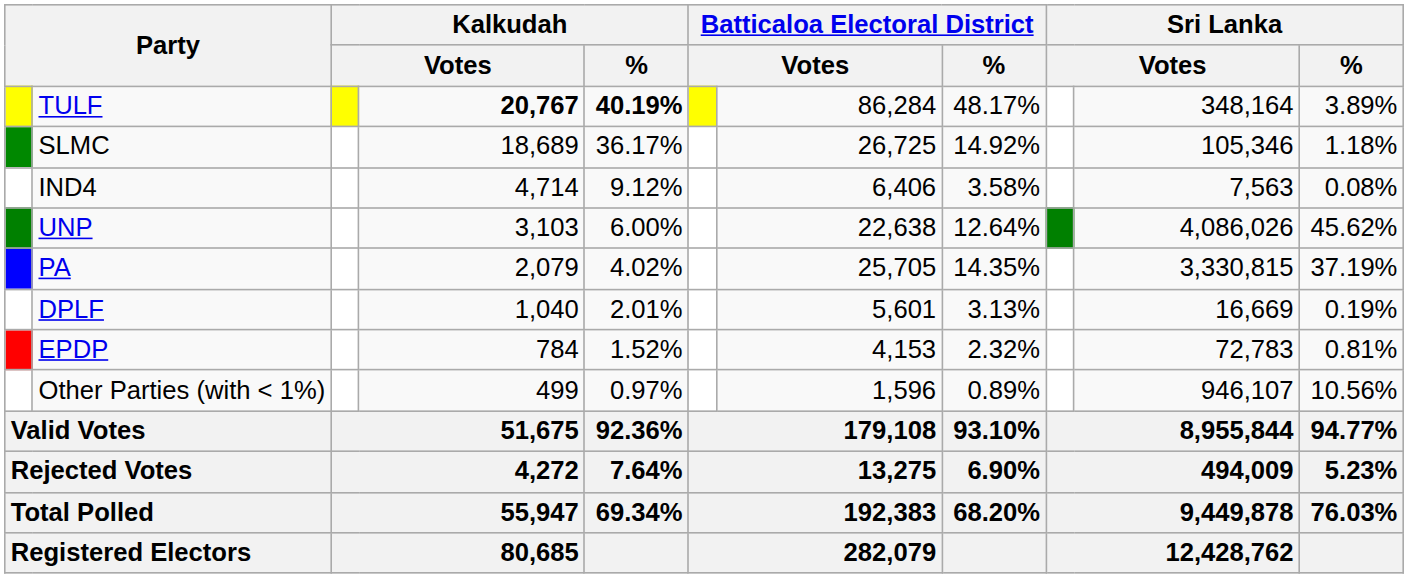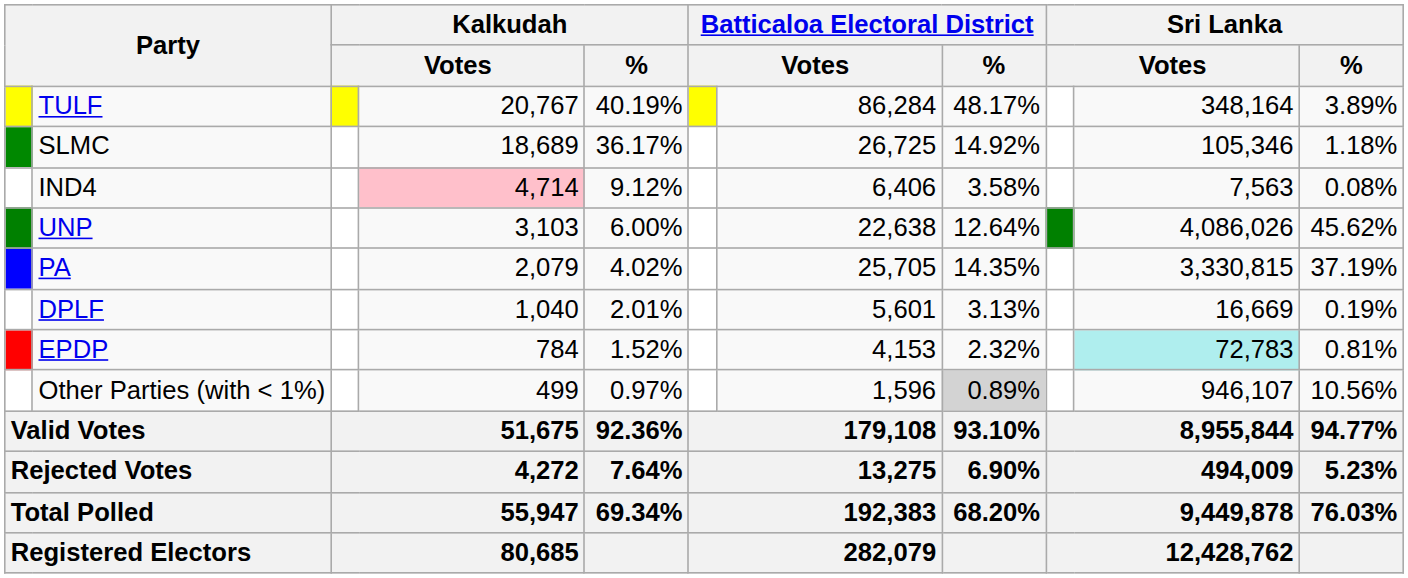 <table class="wikitable">
 <tr>
 <th colspan="2" width="144px"rowspan="2">Party</th>
 <th colspan="3" width="216px">Kalkudah</th>
 <th colspan="3" width="216px"><a href='#'>Batticaloa Electoral District</a></th>
 <th colspan="3" width="216px">Sri Lanka</th>
 </tr>
 <tr>
 <th colspan="2" width="144px">Votes</th>
 <th>%</th>
 <th colspan="2" width="144px">Votes</th>
 <th>%</th>
 <th colspan="2" width="144px">Votes</th>
 <th>%</th>
 </tr>
 <tr>
 <td style="background-color:yellow;" width="10px"></td>
 <td style="text-align:left;"><a href='#'>TULF</a></td>
 <td style="background-color:yellow;" width="10px"></td>
-<td style="text-align:right;"><strong>20,767</strong></td>
-<td style="text-align:right;"><strong>40.19%</strong></td>
+<td style="text-align:right;">20,767</td>
+<td style="text-align:right;">40.19%</td>
 <td style="background-color:yellow;" width="10px"></td>
 <td style="text-align:right;">86,284</td>
 <td style="text-align:right;">48.17%</td>
 <td style="background-color:white;" width="10px"></td>
 <td style="text-align:right;">348,164</td>
 <td style="text-align:right;">3.89%</td>
 </tr>
 <tr>
 <td style="background-color:#008800;" width="10px"></td>
 <td style="text-align:left;">SLMC</td>
 <td style="background-color:white;" width="10px"></td>
 <td style="text-align:right;">18,689</td>
 <td style="text-align:right;">36.17%</td>
 <td style="background-color:white;" width="10px"></td>
 <td style="text-align:right;">26,725</td>
 <td style="text-align:right;">14.92%</td>
 <td style="background-color:white;" width="10px"></td>
 <td style="text-align:right;">105,346</td>
 <td style="text-align:right;">1.18%</td>
 </tr>
 <tr>
 <td style="background-color:white;" width="10px"></td>
 <td style="text-align:left;">IND4</td>
 <td style="background-color:white;" width="10px"></td>
-<td style="text-align:right;">4,714</td>
+<td style="background: pink; text-align:right;">4,714</td>
 <td style="text-align:right;">9.12%</td>
 <td style="background-color:white;" width="10px"></td>
 <td style="text-align:right;">6,406</td>
 <td style="text-align:right;">3.58%</td>
 <td style="background-color:white;" width="10px"></td>
 <td style="text-align:right;">7,563</td>
 <td style="text-align:right;">0.08%</td>
 </tr>
 <tr>
 <td style="background-color:green;" width="10px"></td>
 <td style="text-align:left;"><a href='#'>UNP</a></td>
 <td style="background-color:white;" width="10px"></td>
 <td style="text-align:right;">3,103</td>
 <td style="text-align:right;">6.00%</td>
 <td style="background-color:white;" width="10px"></td>
 <td style="text-align:right;">22,638</td>
 <td style="text-align:right;">12.64%</td>
 <td style="background-color:green;" width="10px"></td>
 <td style="text-align:right;">4,086,026</td>
 <td style="text-align:right;">45.62%</td>
 </tr>
 <tr>
 <td style="background-color:blue;" width="10px"></td>
 <td style="text-align:left;"><a href='#'>PA</a></td>
 <td style="background-color:white;" width="10px"></td>
 <td style="text-align:right;">2,079</td>
 <td style="text-align:right;">4.02%</td>
 <td style="background-color:white;" width="10px"></td>
 <td style="text-align:right;">25,705</td>
 <td style="text-align:right;">14.35%</td>
 <td style="background-color:white;" width="10px"></td>
 <td style="text-align:right;">3,330,815</td>
 <td style="text-align:right;">37.19%</td>
 </tr>
 <tr>
 <td style="background-color:white;" width="10px"></td>
 <td style="text-align:left;"><a href='#'>DPLF</a></td>
 <td style="background-color:white;" width="10px"></td>
 <td style="text-align:right;">1,040</td>
 <td style="text-align:right;">2.01%</td>
 <td style="background-color:white;" width="10px"></td>
 <td style="text-align:right;">5,601</td>
 <td style="text-align:right;">3.13%</td>
 <td style="background-color:white;" width="10px"></td>
 <td style="text-align:right;">16,669</td>
 <td style="text-align:right;">0.19%</td>
 </tr>
 <tr>
 <td style="background-color:red;" width="10px"></td>
 <td style="text-align:left;"><a href='#'>EPDP</a></td>
 <td style="background-color:white;" width="10px"></td>
 <td style="text-align:right;">784</td>
 <td style="text-align:right;">1.52%</td>
 <td style="background-color:white;" width="10px"></td>
 <td style="text-align:right;">4,153</td>
 <td style="text-align:right;">2.32%</td>
 <td style="background-color:white;" width="10px"></td>
-<td style="text-align:right;">72,783</td>
+<td style="background: paleturquoise; text-align:right;">72,783</td>
 <td style="text-align:right;">0.81%</td>
 </tr>
 <tr>
 <td style="background-color:white;" width="10px"></td>
 <td style="text-align:left;">Other Parties (with < 1%)</td>
 <td style="background-color:white;" width="10px"></td>
 <td style="text-align:right;">499</td>
 <td style="text-align:right;">0.97%</td>
 <td style="background-color:white;" width="10px"></td>
 <td style="text-align:right;">1,596</td>
-<td style="text-align:right;">0.89%</td>
+<td style="background: lightgrey; text-align:right;">0.89%</td>
 <td style="background-color:white;" width="10px"></td>
 <td style="text-align:right;">946,107</td>
 <td style="text-align:right;">10.56%</td>
 </tr>
 <tr>
 <th colspan="2" width="144px"style="text-align:left;">Valid Votes</th>
 <th style="text-align:right;"colspan="2" width="144px">51,675</th>
 <th style="text-align:right;">92.36%</th>
 <th style="text-align:right;"colspan="2" width="144px">179,108</th>
 <th style="text-align:right;">93.10%</th>
 <th style="text-align:right;"colspan="2" width="144px">8,955,844</th>
 <th style="text-align:right;">94.77%</th>
 </tr>
 <tr>
 <th colspan="2" width="144px"style="text-align:left;">Rejected Votes</th>
 <th style="text-align:right;"colspan="2" width="144px">4,272</th>
 <th style="text-align:right;">7.64%</th>
 <th style="text-align:right;"colspan="2" width="144px">13,275</th>
 <th style="text-align:right;">6.90%</th>
 <th style="text-align:right;"colspan="2" width="144px">494,009</th>
 <th style="text-align:right;">5.23%</th>
 </tr>
 <tr>
 <th colspan="2" width="144px"style="text-align:left;">Total Polled</th>
 <th style="text-align:right;"colspan="2" width="144px">55,947</th>
 <th style="text-align:right;">69.34%</th>
 <th style="text-align:right;"colspan="2" width="144px">192,383</th>
 <th style="text-align:right;">68.20%</th>
 <th style="text-align:right;"colspan="2" width="144px">9,449,878</th>
 <th style="text-align:right;">76.03%</th>
 </tr>
 <tr>
 <th colspan="2" width="144px"style="text-align:left;">Registered Electors</th>
 <th style="text-align:right;"colspan="2" width="144px">80,685</th>
 <th></th>
 <th style="text-align:right;"colspan="2" width="144px">282,079</th>
 <th></th>
 <th style="text-align:right;"colspan="2" width="144px">12,428,762</th>
 <th></th>
 </tr>
 </table>
